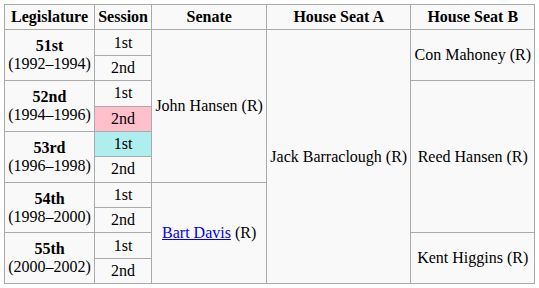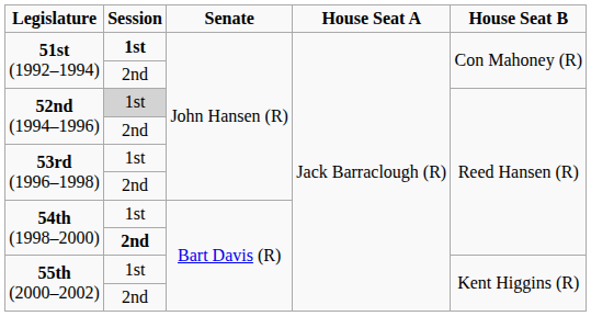 <table class=wikitable style="text-align:center">
 <tr>
 <td><strong>Legislature</strong></td>
 <td><strong>Session</strong></td>
 <td><strong>Senate</strong></td>
 <td><strong>House Seat A</strong></td>
 <td><strong>House Seat B</strong></td>
 </tr>
 <tr>
 <td rowspan="2" colspan="1" style="text-align: center;"><strong>51st</strong> <br> (1992–1994)</td>
-<td>1st</td>
+<td><strong>1st</strong></td>
 <td rowspan="6" colspan="1" style="text-align: center;" >John Hansen (R)</td>
 <td rowspan="10" colspan="1" style="text-align: center;" >Jack Barraclough (R)</td>
 <td rowspan="2" colspan="1" style="text-align: center;" >Con Mahoney (R)</td>
 </tr>
 <tr>
 <td>2nd</td>
 </tr>
 <tr>
 <td rowspan="2" colspan="1" style="text-align: center;"><strong>52nd</strong> <br> (1994–1996)</td>
-<td>1st</td>
+<td style="background: lightgrey;">1st</td>
 <td rowspan="6" colspan="1" style="text-align: center;" >Reed Hansen (R)</td>
 </tr>
 <tr>
-<td style="background: pink;">2nd</td>
+<td>2nd</td>
 </tr>
 <tr>
 <td rowspan="2" colspan="1" style="text-align: center;"><strong>53rd</strong> <br> (1996–1998)</td>
-<td style="background: paleturquoise;">1st</td>
+<td>1st</td>
 </tr>
 <tr>
 <td>2nd</td>
 </tr>
 <tr>
 <td rowspan="2" colspan="1" style="text-align: center;"><strong>54th</strong> <br> (1998–2000)</td>
 <td>1st</td>
 <td rowspan="4" colspan="1" style="text-align: center;" ><a href='#'>Bart Davis</a> (R)</td>
 </tr>
 <tr>
-<td>2nd</td>
+<td><strong>2nd</strong></td>
 </tr>
 <tr>
 <td rowspan="2" colspan="1" style="text-align: center;"><strong>55th</strong> <br> (2000–2002)</td>
 <td>1st</td>
 <td rowspan="2" colspan="1" style="text-align: center;" >Kent Higgins (R)</td>
 </tr>
 <tr>
 <td>2nd</td>
 </tr>
 </table>
